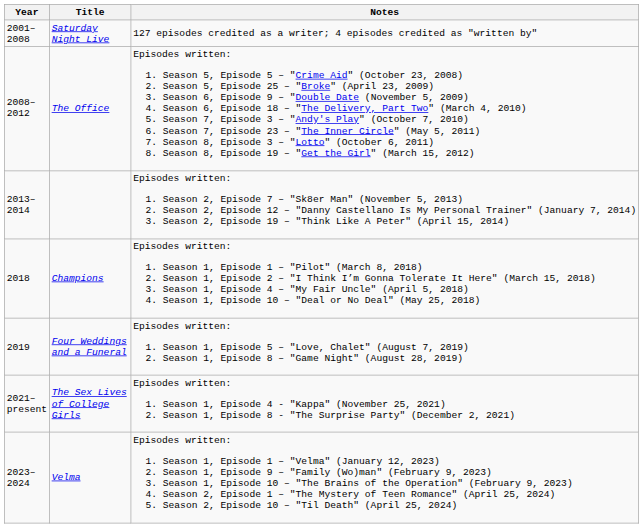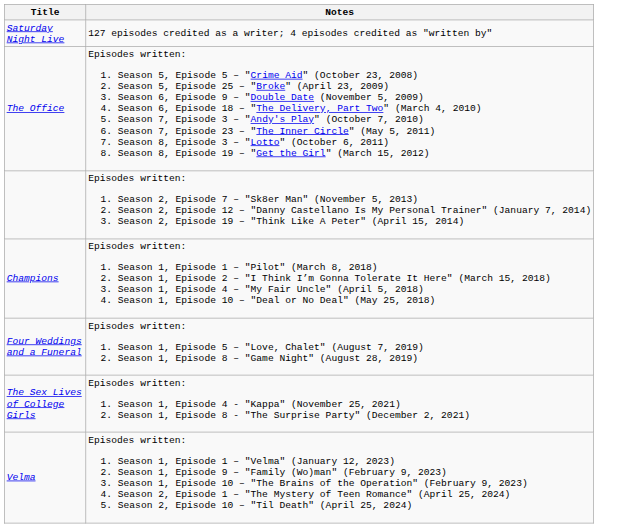 <table class="wikitable sortable">
 <tr>
-<th style="width: 4em;">Year</th>
 <th style="width: 8em;">Title</th>
 <th class="unsortable">Notes</th>
 </tr>
 <tr>
-<td>2001–2008</td>
 <td><em><a href='#'>Saturday Night Live</a></em></td>
 <td>127 episodes credited as a writer; 4 episodes credited as "written by"</td>
 </tr>
 <tr>
-<td>2008–2012</td>
 <td><em><a href='#'>The Office</a></em></td>
 <td>Episodes written:<br><ol><li>Season 5, Episode 5 – "<a href='#'>Crime Aid</a>" (October 23, 2008)</li><li>Season 5, Episode 25 – "<a href='#'>Broke</a>" (April 23, 2009)</li><li>Season 6, Episode 9 – "<a href='#'>Double Date</a> (November 5, 2009)</li><li>Season 6, Episode 18 – "<a href='#'>The Delivery, Part Two</a>" (March 4, 2010)</li><li>Season 7, Episode 3 – "<a href='#'>Andy's Play</a>" (October 7, 2010)</li><li>Season 7, Episode 23 – "<a href='#'>The Inner Circle</a>" (May 5, 2011)</li><li>Season 8, Episode 3 – "<a href='#'>Lotto</a>" (October 6, 2011)</li><li>Season 8, Episode 19 – "<a href='#'>Get the Girl</a>" (March 15, 2012)</li></ol></td>
 </tr>
 <tr>
-<td>2013–2014</td>
 <td><em></em></td>
 <td>Episodes written:<br><ol><li>Season 2, Episode 7 – "Sk8er Man" (November 5, 2013)</li><li>Season 2, Episode 12 – "Danny Castellano Is My Personal Trainer" (January 7, 2014)</li><li>Season 2, Episode 19 – "Think Like A Peter" (April 15, 2014)</li></ol></td>
 </tr>
 <tr>
-<td>2018</td>
 <td><em><a href='#'>Champions</a></em></td>
 <td>Episodes written:<br><ol><li>Season 1, Episode 1 – "Pilot" (March 8, 2018)</li><li>Season 1, Episode 2 – "I Think I’m Gonna Tolerate It Here" (March 15, 2018)</li><li>Season 1, Episode 4 – "My Fair Uncle" (April 5, 2018)</li><li>Season 1, Episode 10 – "Deal or No Deal" (May 25, 2018)</li></ol></td>
 </tr>
 <tr>
-<td>2019</td>
 <td><em><a href='#'>Four Weddings and a Funeral</a></em></td>
 <td>Episodes written:<br><ol><li>Season 1, Episode 5 – "Love, Chalet" (August 7, 2019)</li><li>Season 1, Episode 8 – "Game Night" (August 28, 2019)</li></ol></td>
 </tr>
 <tr>
-<td>2021–present</td>
 <td><em><a href='#'>The Sex Lives of College Girls</a></em></td>
 <td>Episodes written:<br><ol><li>Season 1, Episode 4 - "Kappa" (November 25, 2021)</li><li>Season 1, Episode 8 - "The Surprise Party" (December 2, 2021)</li></ol></td>
 </tr>
 <tr>
-<td>2023–2024</td>
 <td><em><a href='#'>Velma</a></em></td>
 <td>Episodes written:<br><ol><li>Season 1, Episode 1 – "Velma" (January 12, 2023)</li><li>Season 1, Episode 9 – "Family (Wo)man" (February 9, 2023)</li><li>Season 1, Episode 10 – "The Brains of the Operation" (February 9, 2023)</li><li>Season 2, Episode 1 – "The Mystery of Teen Romance" (April 25, 2024)</li><li>Season 2, Episode 10 – "Til Death" (April 25, 2024)</li></ol></td>
 </tr>
 </table>
